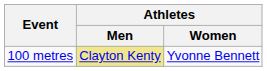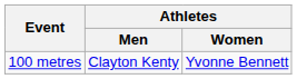 <table class=wikitable style="font-size:90%">
 <tr>
 <th rowspan=2>Event</th>
 <th colspan=2>Athletes</th>
 </tr>
 <tr>
 <th>Men</th>
 <th>Women</th>
 </tr>
 <tr>
 <td><a href='#'>100 metres</a></td>
-<td style="background: khaki;"><a href='#'>Clayton Kenty</a></td>
+<td><a href='#'>Clayton Kenty</a></td>
 <td><a href='#'>Yvonne Bennett</a></td>
 </tr>
 </table>
